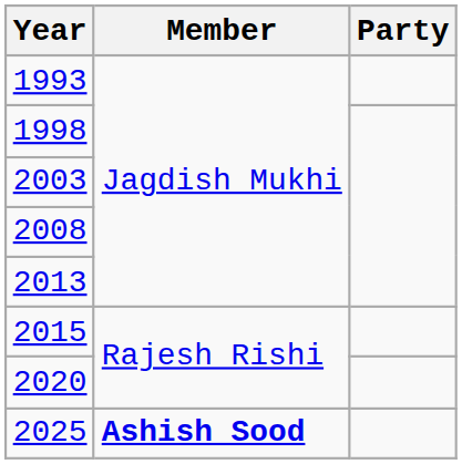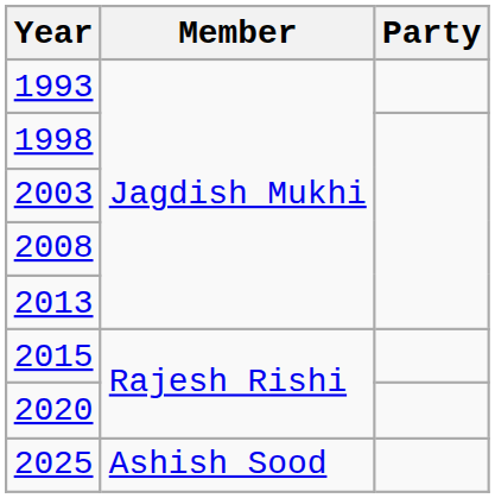 <table class="wikitable">
 <tr>
 <th>Year</th>
 <th>Member</th>
 <th colspan="2">Party</th>
 </tr>
 <tr>
 <td><a href='#'>1993</a></td>
 <td rowspan="5"><a href='#'>Jagdish Mukhi</a></td>
 <td></td>
 </tr>
 <tr>
 <td><a href='#'>1998</a></td>
 </tr>
 <tr>
 <td><a href='#'>2003</a></td>
 </tr>
 <tr>
 <td><a href='#'>2008</a></td>
 </tr>
 <tr>
 <td><a href='#'>2013</a></td>
 </tr>
 <tr>
 <td><a href='#'>2015</a></td>
 <td rowspan="2"><a href='#'>Rajesh Rishi</a></td>
 <td></td>
 </tr>
 <tr>
 <td><a href='#'>2020</a></td>
 </tr>
 <tr>
 <td><a href='#'>2025</a></td>
-<td><strong><a href='#'>Ashish Sood</a></strong></td>
+<td><a href='#'>Ashish Sood</a></td>
 <td></td>
 </tr>
 </table>
